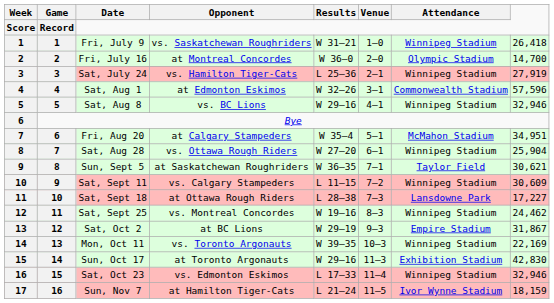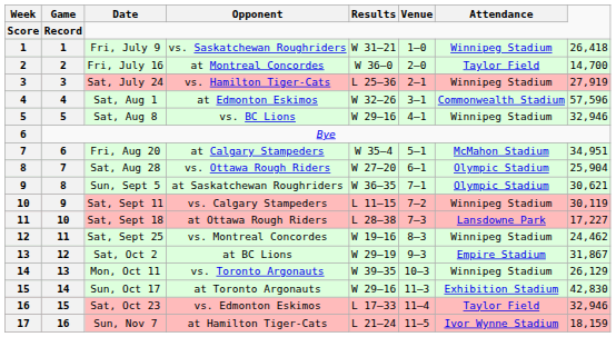 <table class="wikitable" style="text-align:center">
 <tr>
 <th>Week</th>
 <th>Game</th>
 <th>Date</th>
 <th>Opponent</th>
 <th>Results</th>
 <th>Venue</th>
 <th>Attendance</th>
 </tr>
 <tr>
 <th>Score</th>
 <th>Record</th>
 </tr>
 <tr style="background:#ddffdd">
 <th>1</th>
 <th>1</th>
 <td>Fri, July 9</td>
 <td>vs. <a href='#'>Saskatchewan Roughriders</a></td>
 <td>W 31–21</td>
 <td>1–0</td>
 <td><a href='#'>Winnipeg Stadium</a></td>
 <td>26,418</td>
 </tr>
 <tr style="background:#ddffdd">
 <th>2</th>
 <th>2</th>
 <td>Fri, July 16</td>
 <td>at <a href='#'>Montreal Concordes</a></td>
 <td>W 36–0</td>
 <td>2–0</td>
-<td><a href='#'>Olympic Stadium</a></td>
+<td><a href='#'>Taylor Field</a></td>
 <td>14,700</td>
 </tr>
 <tr style="background:#ffbbbb">
 <th>3</th>
 <th>3</th>
 <td>Sat, July 24</td>
 <td>vs. <a href='#'>Hamilton Tiger-Cats</a></td>
 <td>L 25–36</td>
 <td>2–1</td>
 <td>Winnipeg Stadium</td>
 <td>27,919</td>
 </tr>
 <tr style="background:#ddffdd">
 <th>4</th>
 <th>4</th>
 <td>Sat, Aug 1</td>
 <td>at <a href='#'>Edmonton Eskimos</a></td>
 <td>W 32–26</td>
 <td>3–1</td>
 <td><a href='#'>Commonwealth Stadium</a></td>
 <td>57,596</td>
 </tr>
 <tr style="background:#ddffdd">
 <th>5</th>
 <th>5</th>
 <td>Sat, Aug 8</td>
 <td>vs. <a href='#'>BC Lions</a></td>
 <td>W 29–16</td>
 <td>4–1</td>
 <td>Winnipeg Stadium</td>
 <td>32,946</td>
 </tr>
 <tr>
 <th>6</th>
 <td colspan=7><em><a href='#'>Bye</a></em></td>
 </tr>
 <tr style="background:#ddffdd">
 <th>7</th>
 <th>6</th>
 <td>Fri, Aug 20</td>
 <td>at <a href='#'>Calgary Stampeders</a></td>
 <td>W 35–4</td>
 <td>5–1</td>
 <td><a href='#'>McMahon Stadium</a></td>
 <td>34,951</td>
 </tr>
 <tr style="background:#ddffdd">
 <th>8</th>
 <th>7</th>
 <td>Sat, Aug 28</td>
 <td>vs. <a href='#'>Ottawa Rough Riders</a></td>
 <td>W 27–20</td>
 <td>6–1</td>
-<td>Winnipeg Stadium</td>
+<td><a href='#'>Olympic Stadium</a></td>
 <td>25,904</td>
 </tr>
 <tr style="background:#ddffdd">
 <th>9</th>
 <th>8</th>
 <td>Sun, Sept 5</td>
 <td>at Saskatchewan Roughriders</td>
 <td>W 36–35</td>
 <td>7–1</td>
-<td><a href='#'>Taylor Field</a></td>
+<td><a href='#'>Olympic Stadium</a></td>
 <td>30,621</td>
 </tr>
 <tr style="background:#ffbbbb">
 <th>10</th>
 <th>9</th>
 <td>Sat, Sept 11</td>
 <td>vs. Calgary Stampeders</td>
 <td>L 11–15</td>
 <td>7–2</td>
 <td>Winnipeg Stadium</td>
-<td>30,609</td>
+<td>30,119</td>
 </tr>
 <tr style="background:#ffbbbb">
 <th>11</th>
 <th>10</th>
 <td>Sat, Sept 18</td>
 <td>at Ottawa Rough Riders</td>
 <td>L 28–38</td>
 <td>7–3</td>
 <td><a href='#'>Lansdowne Park</a></td>
 <td>17,227</td>
 </tr>
 <tr style="background:#ddffdd">
 <th>12</th>
 <th>11</th>
 <td>Sat, Sept 25</td>
 <td>vs. Montreal Concordes</td>
 <td>W 19–16</td>
 <td>8–3</td>
 <td>Winnipeg Stadium</td>
 <td>24,462</td>
 </tr>
 <tr style="background:#ddffdd">
 <th>13</th>
 <th>12</th>
 <td>Sat, Oct 2</td>
 <td>at BC Lions</td>
 <td>W 29–19</td>
 <td>9–3</td>
 <td><a href='#'>Empire Stadium</a></td>
 <td>31,867</td>
 </tr>
 <tr style="background:#ddffdd">
 <th>14</th>
 <th>13</th>
 <td>Mon, Oct 11</td>
 <td>vs. <a href='#'>Toronto Argonauts</a></td>
 <td>W 39–35</td>
 <td>10–3</td>
 <td>Winnipeg Stadium</td>
-<td>22,169</td>
+<td>26,129</td>
 </tr>
 <tr style="background:#ddffdd">
 <th>15</th>
 <th>14</th>
 <td>Sun, Oct 17</td>
 <td>at Toronto Argonauts</td>
 <td>W 29–16</td>
 <td>11–3</td>
 <td><a href='#'>Exhibition Stadium</a></td>
 <td>42,830</td>
 </tr>
 <tr style="background:#ffbbbb">
 <th>16</th>
 <th>15</th>
 <td>Sat, Oct 23</td>
 <td>vs. Edmonton Eskimos</td>
 <td>L 17–33</td>
 <td>11–4</td>
-<td>Winnipeg Stadium</td>
+<td><a href='#'>Taylor Field</a></td>
 <td>32,946</td>
 </tr>
 <tr style="background:#ffbbbb">
 <th>17</th>
 <th>16</th>
 <td>Sun, Nov 7</td>
 <td>at Hamilton Tiger-Cats</td>
 <td>L 21–24</td>
 <td>11–5</td>
 <td><a href='#'>Ivor Wynne Stadium</a></td>
 <td>18,159</td>
 </tr>
 </table>
